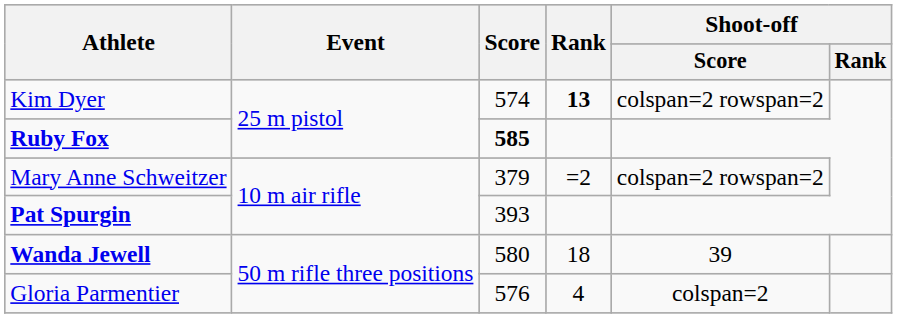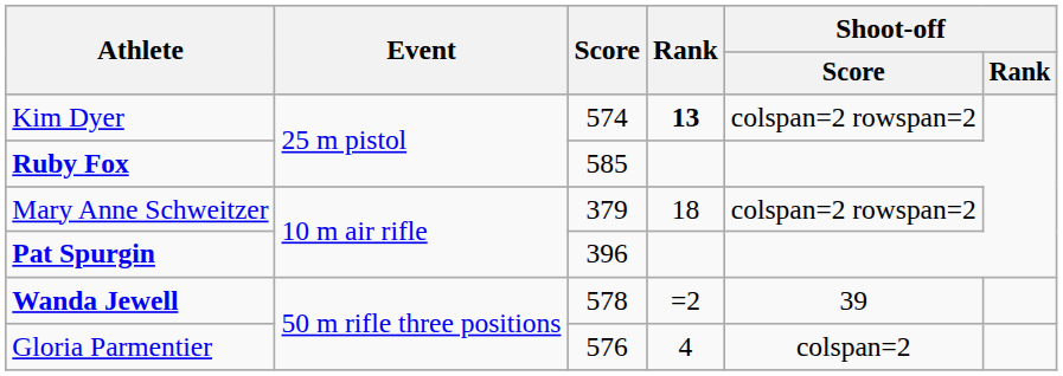 <table class=wikitable style=font-size:90%;text-align:center>
 <tr>
 <th rowspan=2>Athlete</th>
 <th rowspan=2>Event</th>
 <th rowspan=2>Score</th>
 <th rowspan=2>Rank</th>
 <th colspan=2>Shoot-off</th>
 </tr>
 <tr style=font-size:95%>
 <th>Score</th>
 <th>Rank</th>
 </tr>
 <tr>
 <td align=left><a href='#'>Kim Dyer</a></td>
 <td align=left rowspan=2><a href='#'>25 m pistol</a></td>
 <td>574</td>
 <td><strong>13</strong></td>
 <td>colspan=2 rowspan=2 </td>
 </tr>
 <tr>
 <td align=left><strong><a href='#'>Ruby Fox</a></strong></td>
-<td><strong>585</strong></td>
+<td>585</td>
 <td></td>
 </tr>
 <tr>
 <td align=left><a href='#'>Mary Anne Schweitzer</a></td>
 <td align=left rowspan=2><a href='#'>10 m air rifle</a></td>
 <td>379</td>
-<td>=2</td>
+<td>18</td>
 <td>colspan=2 rowspan=2 </td>
 </tr>
 <tr>
 <td align=left><strong><a href='#'>Pat Spurgin</a></strong></td>
-<td>393 </td>
+<td>396 </td>
 <td></td>
 </tr>
 <tr>
 <td align=left><strong><a href='#'>Wanda Jewell</a></strong></td>
 <td align=left rowspan=2><a href='#'>50 m rifle three positions</a></td>
-<td>580</td>
-<td>18</td>
+<td>578</td>
+<td>=2</td>
 <td>39</td>
 <td></td>
 </tr>
 <tr>
 <td align=left><a href='#'>Gloria Parmentier</a></td>
 <td>576</td>
 <td>4</td>
 <td>colspan=2 </td>
 </tr>
 </table>
